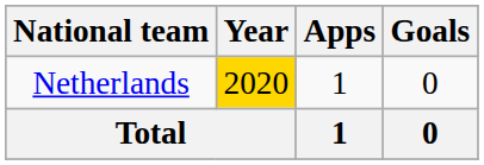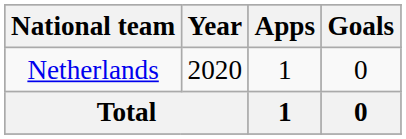 <table class="wikitable" style="text-align:center">
 <tr>
 <th>National team</th>
 <th>Year</th>
 <th>Apps</th>
 <th>Goals</th>
 </tr>
 <tr>
 <td><a href='#'>Netherlands</a></td>
-<td style="background: gold;">2020</td>
+<td>2020</td>
 <td>1</td>
 <td>0</td>
 </tr>
 <tr>
 <th colspan="2">Total</th>
 <th>1</th>
 <th>0</th>
 </tr>
 </table>
